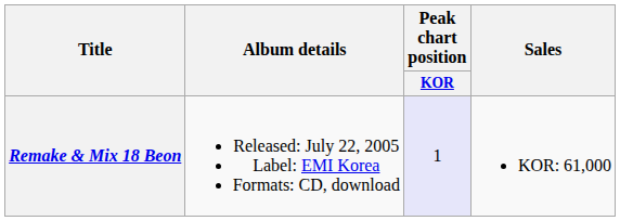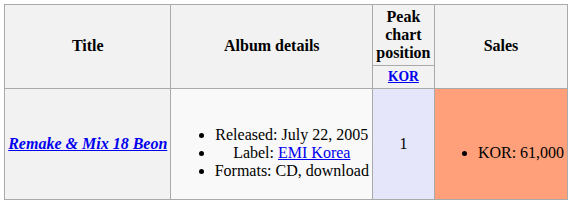 <table class="wikitable plainrowheaders" style="text-align:center;">
 <tr>
 <th scope="col" rowspan="2">Title</th>
 <th scope="col" rowspan="2">Album details</th>
 <th scope="col">Peak chart position</th>
 <th scope="col" rowspan="2">Sales</th>
 </tr>
 <tr>
 <th scope="col" style="width:3em;font-size:85%;"><a href='#'>KOR</a></th>
 </tr>
 <tr>
 <th scope="row"><em><a href='#'>Remake & Mix 18 Beon</a></em></th>
 <td><br><ul><li>Released:  July 22, 2005</li><li>Label: <a href='#'>EMI Korea</a></li><li>Formats: CD, download</li></ul></td>
 <td style="background: lavender;">1</td>
-<td><br><ul><li>KOR: 61,000</li></ul></td>
+<td style="background: lightsalmon;"><br><ul><li>KOR: 61,000</li></ul></td>
 </tr>
 </table>
